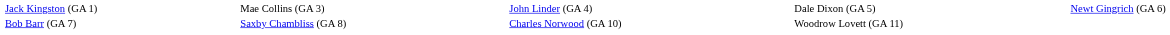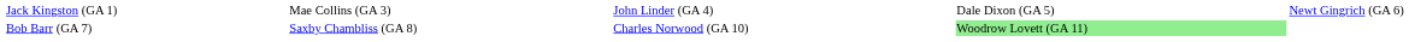 <table width="100%">
 <tr>
 <td><a href='#'>Jack Kingston</a> (GA 1)</td>
 <td>Mae Collins (GA 3)</td>
 <td><a href='#'>John Linder</a> (GA 4)</td>
 <td>Dale Dixon (GA 5)</td>
 <td><a href='#'>Newt Gingrich</a> (GA 6)</td>
 </tr>
 <tr>
 <td><a href='#'>Bob Barr</a> (GA 7)<br></td>
 <td><a href='#'>Saxby Chambliss</a> (GA 8)<br></td>
 <td><a href='#'>Charles Norwood</a> (GA 10)<br></td>
-<td>Woodrow Lovett (GA 11)<br></td>
+<td style="background: lightgreen;">Woodrow Lovett (GA 11)<br></td>
 </tr>
 </table>
